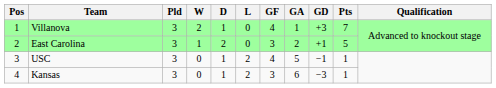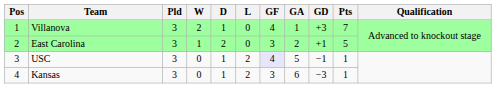 <table class="wikitable" style="text-align:center; margin: 1em auto">
 <tr>
 <th style="width:2em">Pos</th>
 <th style="width:13em">Team</th>
 <th style="width:2em">Pld</th>
 <th style="width:2em">W</th>
 <th style="width:2em">D</th>
 <th style="width:2em">L</th>
 <th style="width:2em">GF</th>
 <th style="width:2em">GA</th>
 <th style="width:2em">GD</th>
 <th style="width:2em">Pts</th>
 <th style="width:13em">Qualification</th>
 </tr>
 <tr bgcolor="#9eff9e">
 <td>1</td>
 <td style="text-align:left">Villanova</td>
 <td>3</td>
 <td>2</td>
 <td>1</td>
 <td>0</td>
 <td>4</td>
 <td>1</td>
 <td>+3</td>
 <td>7</td>
 <td rowspan="2">Advanced to knockout stage</td>
 </tr>
 <tr bgcolor="#9eff9e">
 <td>2</td>
 <td style="text-align:left">East Carolina</td>
 <td>3</td>
 <td>1</td>
 <td>2</td>
 <td>0</td>
 <td>3</td>
 <td>2</td>
 <td>+1</td>
 <td>5</td>
 </tr>
 <tr>
 <td>3</td>
 <td style="text-align:left">USC</td>
 <td>3</td>
 <td>0</td>
 <td>1</td>
 <td>2</td>
-<td>4</td>
+<td style="background: lavender;">4</td>
 <td>5</td>
 <td>−1</td>
 <td>1</td>
 </tr>
 <tr>
 <td>4</td>
 <td style="text-align:left">Kansas</td>
 <td>3</td>
 <td>0</td>
 <td>1</td>
 <td>2</td>
 <td>3</td>
 <td>6</td>
 <td>−3</td>
 <td>1</td>
 </tr>
 </table>
